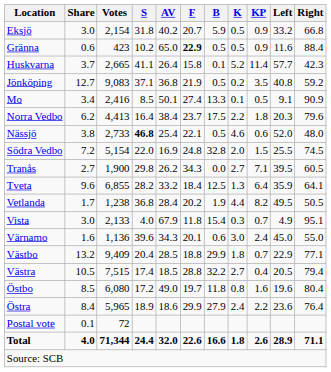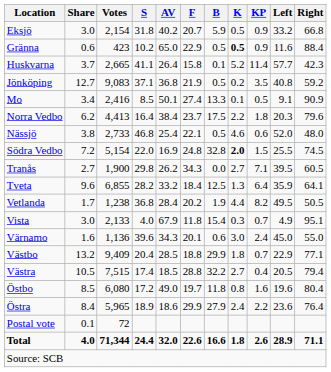 <table class="wikitable sortable" style=text-align:right>
 <tr>
 <th>Location</th>
 <th>Share</th>
 <th>Votes</th>
 <th><a href='#'>S</a></th>
 <th><a href='#'>AV</a></th>
 <th><a href='#'>F</a></th>
 <th><a href='#'>B</a></th>
 <th><a href='#'>K</a></th>
 <th><a href='#'>KP</a></th>
 <th>Left</th>
 <th>Right</th>
 </tr>
 <tr>
 <td align=left><a href='#'>Eksjö</a></td>
 <td>3.0</td>
 <td>2,154</td>
 <td>31.8</td>
 <td>40.2</td>
 <td>20.7</td>
 <td>5.9</td>
 <td>0.5</td>
 <td>0.9</td>
 <td>33.2</td>
 <td>66.8</td>
 </tr>
 <tr>
 <td align=left><a href='#'>Gränna</a></td>
 <td>0.6</td>
 <td>423</td>
 <td>10.2</td>
 <td>65.0</td>
-<td><strong>22.9</strong></td>
+<td>22.9</td>
 <td>0.5</td>
-<td>0.5</td>
+<td><strong>0.5</strong></td>
 <td>0.9</td>
 <td>11.6</td>
 <td>88.4</td>
 </tr>
 <tr>
 <td align=left><a href='#'>Huskvarna</a></td>
 <td>3.7</td>
 <td>2,665</td>
 <td>41.1</td>
 <td>26.4</td>
 <td>15.8</td>
 <td>0.1</td>
 <td>5.2</td>
 <td>11.4</td>
 <td>57.7</td>
 <td>42.3</td>
 </tr>
 <tr>
 <td align=left><a href='#'>Jönköping</a></td>
 <td>12.7</td>
 <td>9,083</td>
 <td>37.1</td>
 <td>36.8</td>
 <td>21.9</td>
 <td>0.5</td>
 <td>0.2</td>
 <td>3.5</td>
 <td>40.8</td>
 <td>59.2</td>
 </tr>
 <tr>
 <td align=left><a href='#'>Mo</a></td>
 <td>3.4</td>
 <td>2,416</td>
 <td>8.5</td>
 <td>50.1</td>
 <td>27.4</td>
 <td>13.3</td>
 <td>0.1</td>
 <td>0.5</td>
 <td>9.1</td>
 <td>90.9</td>
 </tr>
 <tr>
 <td align=left><a href='#'>Norra Vedbo</a></td>
 <td>6.2</td>
 <td>4,413</td>
 <td>16.4</td>
 <td>38.4</td>
 <td>23.7</td>
 <td>17.5</td>
 <td>2.2</td>
 <td>1.8</td>
 <td>20.3</td>
 <td>79.6</td>
 </tr>
 <tr>
 <td align=left><a href='#'>Nässjö</a></td>
 <td>3.8</td>
 <td>2,733</td>
-<td><strong>46.8</strong></td>
+<td>46.8</td>
 <td>25.4</td>
 <td>22.1</td>
 <td>0.5</td>
 <td>4.6</td>
 <td>0.6</td>
 <td>52.0</td>
 <td>48.0</td>
 </tr>
 <tr>
 <td align=left><a href='#'>Södra Vedbo</a></td>
 <td>7.2</td>
 <td>5,154</td>
 <td>22.0</td>
 <td>16.9</td>
 <td>24.8</td>
 <td>32.8</td>
-<td>2.0</td>
+<td><strong>2.0</strong></td>
 <td>1.5</td>
 <td>25.5</td>
 <td>74.5</td>
 </tr>
 <tr>
 <td align=left><a href='#'>Tranås</a></td>
 <td>2.7</td>
 <td>1,900</td>
 <td>29.8</td>
 <td>26.2</td>
 <td>34.3</td>
 <td>0.0</td>
 <td>2.7</td>
 <td>7.1</td>
 <td>39.5</td>
 <td>60.5</td>
 </tr>
 <tr>
 <td align=left><a href='#'>Tveta</a></td>
 <td>9.6</td>
 <td>6,855</td>
 <td>28.2</td>
 <td>33.2</td>
 <td>18.4</td>
 <td>12.5</td>
 <td>1.3</td>
 <td>6.4</td>
 <td>35.9</td>
 <td>64.1</td>
 </tr>
 <tr>
 <td align=left><a href='#'>Vetlanda</a></td>
 <td>1.7</td>
 <td>1,238</td>
 <td>36.8</td>
 <td>28.4</td>
 <td>20.2</td>
 <td>1.9</td>
 <td>4.4</td>
 <td>8.2</td>
 <td>49.5</td>
 <td>50.5</td>
 </tr>
 <tr>
 <td align=left><a href='#'>Vista</a></td>
 <td>3.0</td>
 <td>2,133</td>
 <td>4.0</td>
 <td>67.9</td>
 <td>11.8</td>
 <td>15.4</td>
 <td>0.3</td>
 <td>0.7</td>
 <td>4.9</td>
 <td>95.1</td>
 </tr>
 <tr>
 <td align=left><a href='#'>Värnamo</a></td>
 <td>1.6</td>
 <td>1,136</td>
 <td>39.6</td>
 <td>34.3</td>
 <td>20.1</td>
 <td>0.6</td>
 <td>3.0</td>
 <td>2.4</td>
 <td>45.0</td>
 <td>55.0</td>
 </tr>
 <tr>
 <td align=left><a href='#'>Västbo</a></td>
 <td>13.2</td>
 <td>9,409</td>
 <td>20.4</td>
 <td>28.5</td>
 <td>18.8</td>
 <td>29.9</td>
 <td>1.8</td>
 <td>0.7</td>
 <td>22.9</td>
 <td>77.1</td>
 </tr>
 <tr>
 <td align=left><a href='#'>Västra</a></td>
 <td>10.5</td>
 <td>7,515</td>
 <td>17.4</td>
 <td>18.5</td>
 <td>28.8</td>
 <td>32.2</td>
 <td>2.7</td>
 <td>0.4</td>
 <td>20.5</td>
 <td>79.4</td>
 </tr>
 <tr>
 <td align=left><a href='#'>Östbo</a></td>
 <td>8.5</td>
 <td>6,080</td>
 <td>17.2</td>
 <td>49.0</td>
 <td>19.7</td>
 <td>11.8</td>
 <td>0.8</td>
 <td>1.6</td>
 <td>19.6</td>
 <td>80.4</td>
 </tr>
 <tr>
 <td align=left><a href='#'>Östra</a></td>
 <td>8.4</td>
 <td>5,965</td>
 <td>18.9</td>
 <td>18.6</td>
 <td>29.9</td>
 <td>27.9</td>
 <td>2.4</td>
 <td>2.2</td>
 <td>23.6</td>
 <td>76.4</td>
 </tr>
 <tr>
 <td align=left><a href='#'>Postal vote</a></td>
 <td>0.1</td>
 <td>72</td>
 <td></td>
 <td></td>
 <td></td>
 <td></td>
 <td></td>
 <td></td>
 <td></td>
 <td></td>
 </tr>
 <tr>
 <td align=left><strong>Total</strong></td>
 <td><strong>4.0</strong></td>
 <td><strong>71,344</strong></td>
 <td><strong>24.4</strong></td>
 <td><strong>32.0</strong></td>
 <td><strong>22.6</strong></td>
 <td><strong>16.6</strong></td>
 <td><strong>1.8</strong></td>
 <td><strong>2.6</strong></td>
 <td><strong>28.9</strong></td>
 <td><strong>71.1</strong></td>
 </tr>
 <tr>
 <td align=left colspan=11>Source: SCB </td>
 </tr>
 </table>
